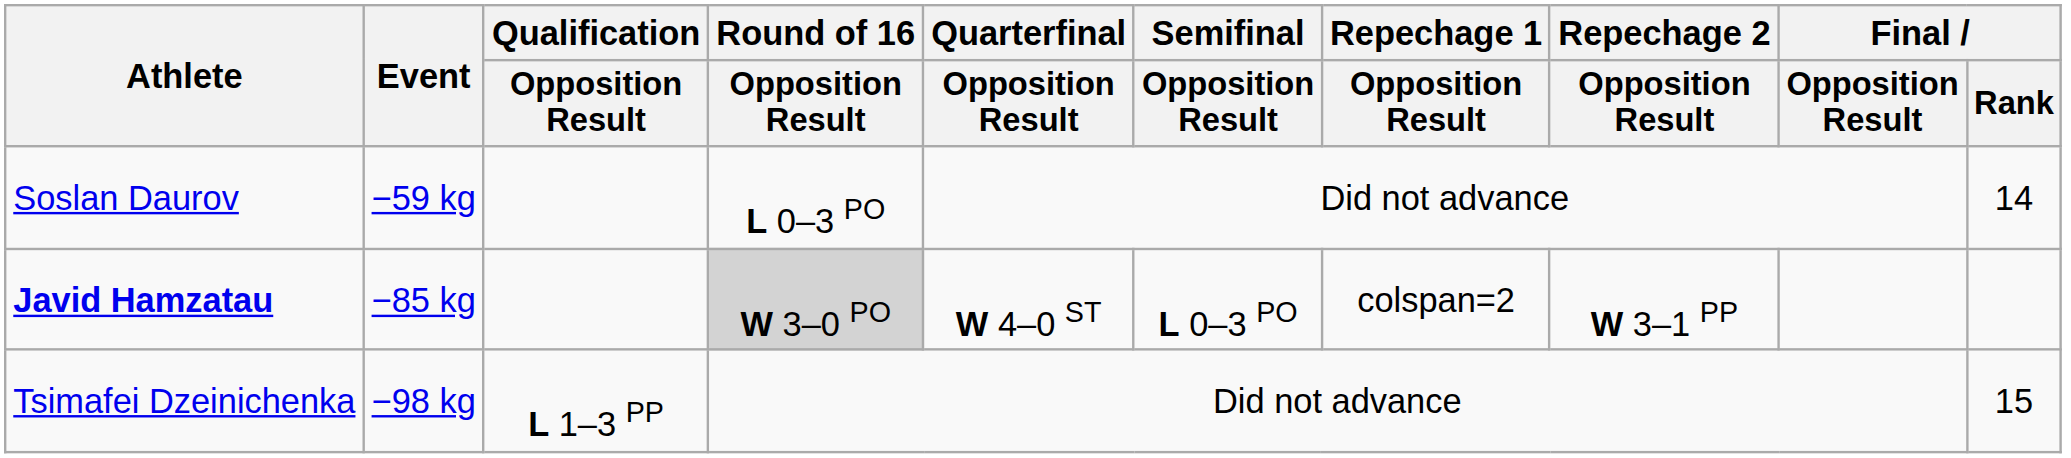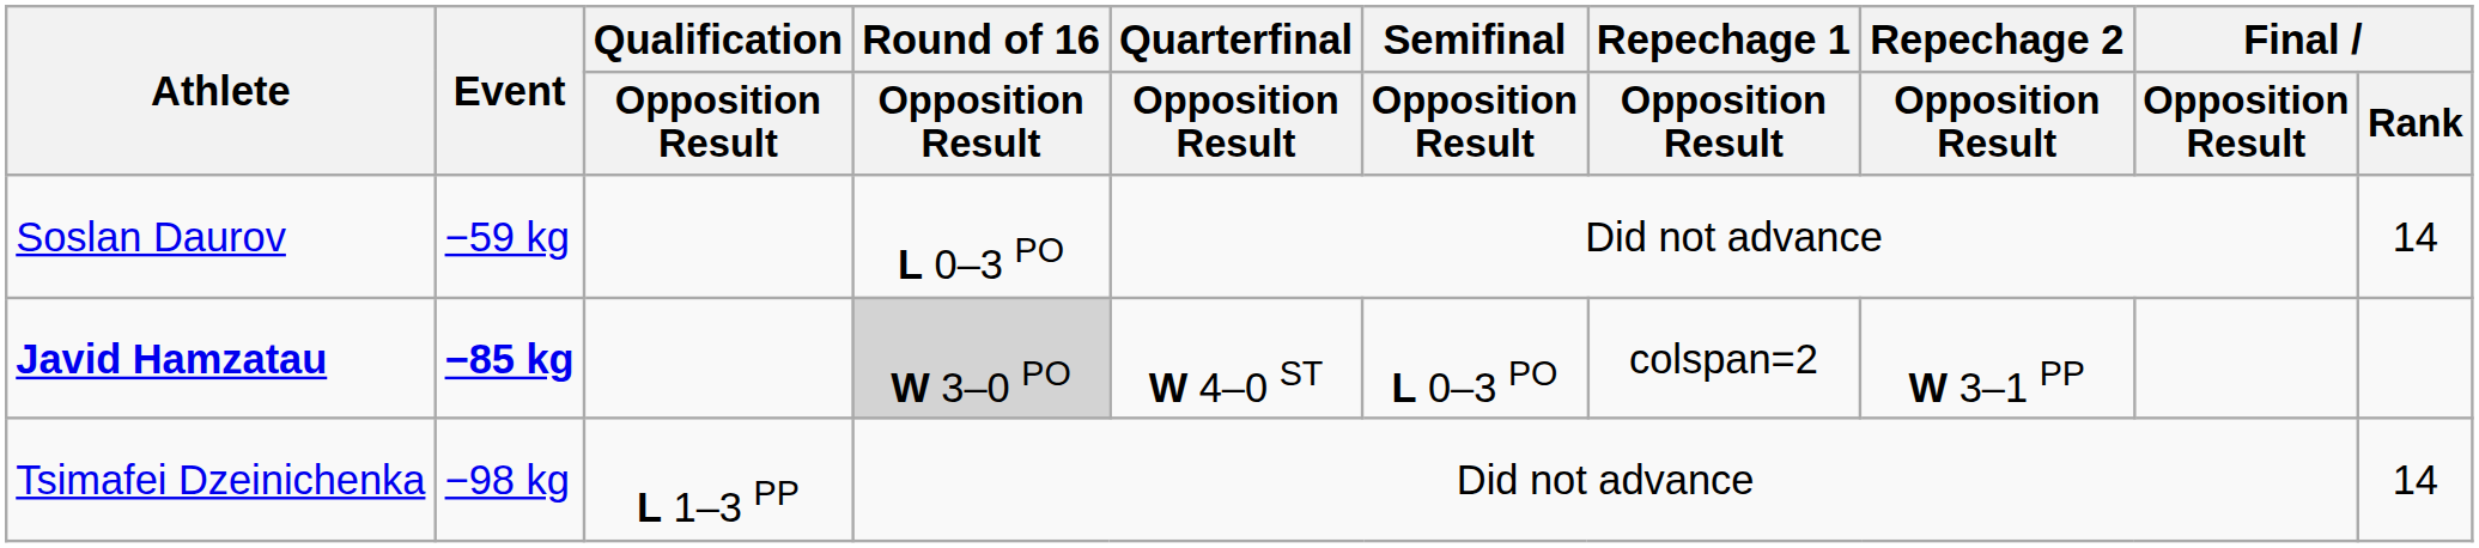 <table class="wikitable" style="font-size:90%">
 <tr>
 <th rowspan=2>Athlete</th>
 <th rowspan=2>Event</th>
 <th>Qualification</th>
 <th>Round of 16</th>
 <th>Quarterfinal</th>
 <th>Semifinal</th>
 <th>Repechage 1</th>
 <th>Repechage 2</th>
 <th colspan=2>Final / </th>
 </tr>
 <tr style="font-size: 95%">
 <th>Opposition<br>Result</th>
 <th>Opposition<br>Result</th>
 <th>Opposition<br>Result</th>
 <th>Opposition<br>Result</th>
 <th>Opposition<br>Result</th>
 <th>Opposition<br>Result</th>
 <th>Opposition<br>Result</th>
 <th>Rank</th>
 </tr>
 <tr align=center>
 <td align=left><a href='#'>Soslan Daurov</a></td>
 <td align=left><a href='#'>−59 kg</a></td>
 <td></td>
 <td><br><strong>L</strong> 0–3 <sup>PO</sup></td>
 <td colspan=5>Did not advance</td>
 <td>14</td>
 </tr>
 <tr align=center>
 <td align=left><strong><a href='#'>Javid Hamzatau</a></strong></td>
-<td align=left><a href='#'>−85 kg</a></td>
+<td align=left><strong><a href='#'>−85 kg</a></strong></td>
 <td></td>
 <td style="background: lightgrey;"><br><strong>W</strong> 3–0 <sup>PO</sup></td>
 <td><br><strong>W</strong> 4–0 <sup>ST</sup></td>
 <td><br><strong>L</strong> 0–3 <sup>PO</sup></td>
 <td>colspan=2 </td>
 <td><br><strong>W</strong> 3–1 <sup>PP</sup></td>
 <td></td>
 </tr>
 <tr align=center>
 <td align=left><a href='#'>Tsimafei Dzeinichenka</a></td>
 <td align=left><a href='#'>−98 kg</a></td>
 <td><br><strong>L</strong> 1–3 <sup>PP</sup></td>
 <td colspan=6>Did not advance</td>
-<td>15</td>
+<td>14</td>
 </tr>
 </table>
